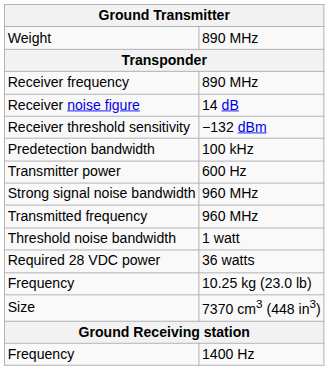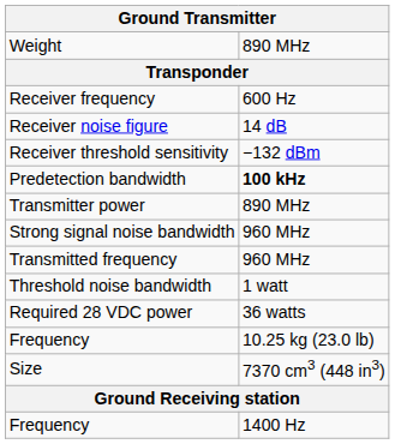 <table class=wikitable>
 <tr>
 <th colspan=2>Ground Transmitter</th>
 </tr>
 <tr>
 <td>Weight</td>
 <td>890 MHz</td>
 </tr>
 <tr>
 <th colspan=2>Transponder</th>
 </tr>
 <tr>
 <td>Receiver frequency</td>
-<td>890 MHz</td>
+<td>600 Hz</td>
 </tr>
 <tr>
 <td>Receiver <a href='#'>noise figure</a></td>
 <td>14 <a href='#'>dB</a></td>
 </tr>
 <tr>
 <td>Receiver threshold sensitivity</td>
 <td>−132 <a href='#'>dBm</a></td>
 </tr>
 <tr>
 <td>Predetection bandwidth</td>
-<td>100 kHz</td>
+<td><strong>100 kHz</strong></td>
 </tr>
 <tr>
 <td>Transmitter power</td>
-<td>600 Hz</td>
+<td>890 MHz</td>
 </tr>
 <tr>
 <td>Strong signal noise bandwidth</td>
 <td>960 MHz</td>
 </tr>
 <tr>
 <td>Transmitted frequency</td>
 <td>960 MHz</td>
 </tr>
 <tr>
 <td>Threshold noise bandwidth</td>
 <td>1 watt</td>
 </tr>
 <tr>
 <td>Required 28 VDC power</td>
 <td>36 watts</td>
 </tr>
 <tr>
 <td>Frequency</td>
 <td>10.25 kg (23.0 lb)</td>
 </tr>
 <tr>
 <td>Size</td>
 <td>7370 cm<sup>3</sup> (448 in<sup>3</sup>)</td>
 </tr>
 <tr>
 <th colspan=2>Ground Receiving station</th>
 </tr>
 <tr>
 <td>Frequency</td>
 <td>1400 Hz</td>
 </tr>
 </table>
